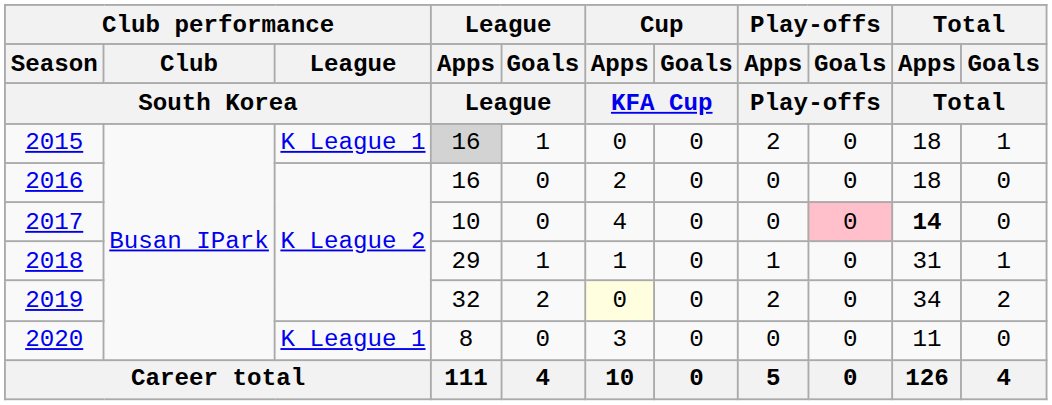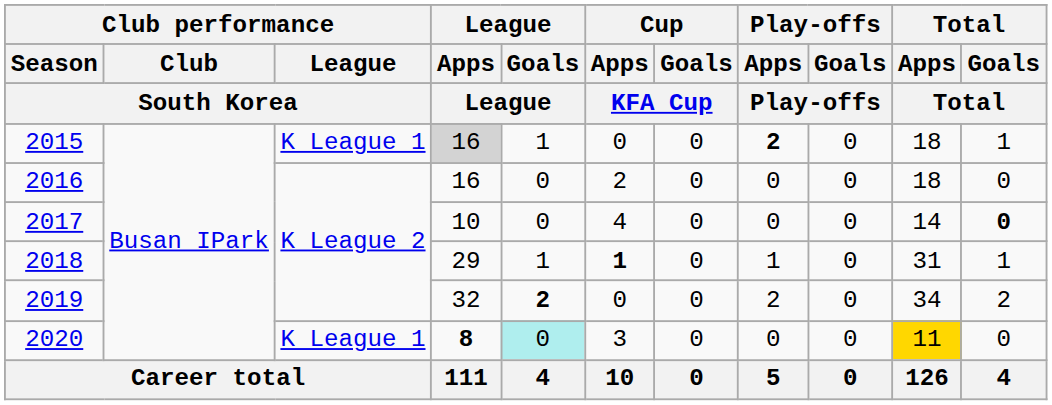 <table class="wikitable" style="text-align:center">
 <tr>
 <th colspan=3>Club performance</th>
 <th colspan=2>League</th>
 <th colspan=2>Cup</th>
 <th colspan=2>Play-offs</th>
 <th colspan=2>Total</th>
 </tr>
 <tr>
 <th>Season</th>
 <th>Club</th>
 <th>League</th>
 <th>Apps</th>
 <th>Goals</th>
 <th>Apps</th>
 <th>Goals</th>
 <th>Apps</th>
 <th>Goals</th>
 <th>Apps</th>
 <th>Goals</th>
 </tr>
 <tr>
 <th colspan=3>South Korea</th>
 <th colspan=2>League</th>
 <th colspan=2><a href='#'>KFA Cup</a></th>
 <th colspan=2>Play-offs</th>
 <th colspan=2>Total</th>
 </tr>
 <tr>
 <td><a href='#'>2015</a></td>
 <td rowspan="6"><a href='#'>Busan IPark</a></td>
 <td rowspan="1"><a href='#'>K League 1</a></td>
 <td style="background: lightgrey;">16</td>
 <td>1</td>
 <td>0</td>
 <td>0</td>
-<td>2</td>
+<td><strong>2</strong></td>
 <td>0</td>
 <td>18</td>
 <td>1</td>
 </tr>
 <tr>
 <td><a href='#'>2016</a></td>
 <td rowspan="4"><a href='#'>K League 2</a></td>
 <td>16</td>
 <td>0</td>
 <td>2</td>
 <td>0</td>
 <td>0</td>
 <td>0</td>
 <td>18</td>
 <td>0</td>
 </tr>
 <tr>
 <td><a href='#'>2017</a></td>
 <td>10</td>
 <td>0</td>
 <td>4</td>
 <td>0</td>
 <td>0</td>
-<td style="background: pink;">0</td>
-<td><strong>14</strong></td>
 <td>0</td>
+<td>14</td>
+<td><strong>0</strong></td>
 </tr>
 <tr>
 <td><a href='#'>2018</a></td>
 <td>29</td>
 <td>1</td>
-<td>1</td>
+<td><strong>1</strong></td>
 <td>0</td>
 <td>1</td>
 <td>0</td>
 <td>31</td>
 <td>1</td>
 </tr>
 <tr>
 <td><a href='#'>2019</a></td>
 <td>32</td>
-<td>2</td>
-<td style="background: lightyellow;">0</td>
+<td><strong>2</strong></td>
+<td>0</td>
 <td>0</td>
 <td>2</td>
 <td>0</td>
 <td>34</td>
 <td>2</td>
 </tr>
 <tr>
 <td><a href='#'>2020</a></td>
 <td><a href='#'>K League 1</a></td>
-<td>8</td>
-<td>0</td>
+<td><strong>8</strong></td>
+<td style="background: paleturquoise;">0</td>
 <td>3</td>
 <td>0</td>
 <td>0</td>
 <td>0</td>
-<td>11</td>
+<td style="background: gold;">11</td>
 <td>0</td>
 </tr>
 <tr>
 <th colspan=3>Career total</th>
 <th>111</th>
 <th>4</th>
 <th>10</th>
 <th>0</th>
 <th>5</th>
 <th>0</th>
 <th>126</th>
 <th>4</th>
 </tr>
 </table>
